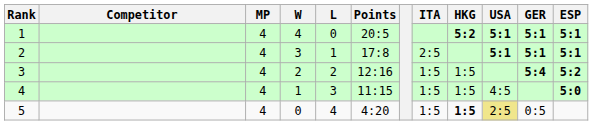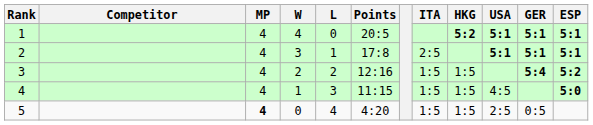 <table class="wikitable" style="text-align:center">
 <tr>
 <th>Rank</th>
 <th style="width:17em">Competitor</th>
 <th style="width:2.5em">MP</th>
 <th style="width:2.5em">W</th>
 <th style="width:2.5em">L</th>
 <th>Points</th>
 <th rowspan="6"> </th>
 <th style="width:2.5em">ITA</th>
 <th style="width:2.5em">HKG</th>
 <th style="width:2.5em">USA</th>
 <th style="width:2.5em">GER</th>
 <th style="width:2.5em">ESP</th>
 </tr>
 <tr style="background:#cfc;">
 <td>1</td>
 <td style="text-align:left"></td>
 <td>4</td>
 <td>4</td>
 <td>0</td>
 <td>20:5</td>
 <td></td>
 <td><strong>5:2</strong></td>
 <td><strong>5:1</strong></td>
 <td><strong>5:1</strong></td>
 <td><strong>5:1</strong></td>
 </tr>
 <tr style="background:#cfc;">
 <td>2</td>
 <td style="text-align:left"></td>
 <td>4</td>
 <td>3</td>
 <td>1</td>
 <td>17:8</td>
 <td>2:5</td>
 <td></td>
 <td><strong>5:1</strong></td>
 <td><strong>5:1</strong></td>
 <td><strong>5:1</strong></td>
 </tr>
 <tr style="background:#cfc;">
 <td>3</td>
 <td style="text-align:left"></td>
 <td>4</td>
 <td>2</td>
 <td>2</td>
 <td>12:16</td>
 <td>1:5</td>
 <td>1:5</td>
 <td></td>
 <td><strong>5:4</strong></td>
 <td><strong>5:2</strong></td>
 </tr>
 <tr style="background:#cfc;">
 <td>4</td>
 <td style="text-align:left"></td>
 <td>4</td>
 <td>1</td>
 <td>3</td>
 <td>11:15</td>
 <td>1:5</td>
 <td>1:5</td>
 <td>4:5</td>
 <td></td>
 <td><strong>5:0</strong></td>
 </tr>
 <tr>
 <td>5</td>
 <td style="text-align:left"></td>
-<td>4</td>
+<td><strong>4</strong></td>
 <td>0</td>
 <td>4</td>
 <td>4:20</td>
 <td>1:5</td>
-<td><strong>1:5</strong></td>
-<td style="background: khaki;">2:5</td>
+<td>1:5</td>
+<td>2:5</td>
 <td>0:5</td>
 <td></td>
 </tr>
 </table>
